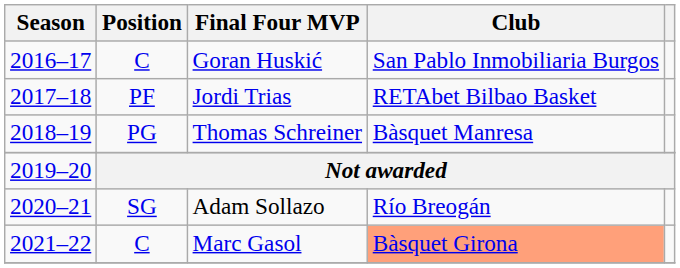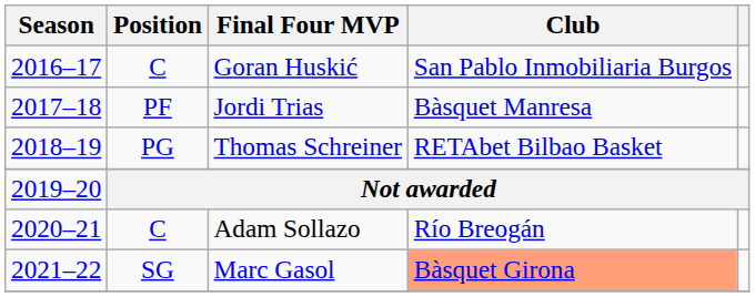 <table class="wikitable sortable">
 <tr>
 <th>Season</th>
 <th>Position</th>
 <th>Final Four MVP</th>
 <th>Club</th>
 <th class=unsortable></th>
 </tr>
 <tr>
 <td style="text-align:center;"><a href='#'>2016–17</a></td>
 <td style="text-align:center;"><a href='#'>C</a></td>
 <td> <a href='#'>Goran Huskić</a></td>
 <td> <a href='#'>San Pablo Inmobiliaria Burgos</a></td>
 <td style="text-align:center;"></td>
 </tr>
 <tr>
 <td style="text-align:center;"><a href='#'>2017–18</a></td>
 <td style="text-align:center;"><a href='#'>PF</a></td>
 <td> <a href='#'>Jordi Trias</a></td>
-<td> <a href='#'>RETAbet Bilbao Basket</a></td>
+<td> <a href='#'>Bàsquet Manresa</a></td>
 <td style="text-align:center;"></td>
 </tr>
 <tr>
 <td style="text-align:center;"><a href='#'>2018–19</a></td>
 <td style="text-align:center;"><a href='#'>PG</a></td>
 <td> <a href='#'>Thomas Schreiner</a></td>
-<td> <a href='#'>Bàsquet Manresa</a></td>
+<td> <a href='#'>RETAbet Bilbao Basket</a></td>
 <td style="text-align:center;"></td>
 </tr>
 <tr>
 </tr>
 <tr style="text-align:center;">
 <td><a href='#'>2019–20</a></td>
 <th colspan=4><em>Not awarded</em></th>
 </tr>
 <tr>
 <td style="text-align:center;"><a href='#'>2020–21</a></td>
-<td style="text-align:center;"><a href='#'>SG</a></td>
+<td style="text-align:center;"><a href='#'>C</a></td>
 <td> Adam Sollazo</td>
 <td> <a href='#'>Río Breogán</a></td>
 <td style="text-align:center;"></td>
 </tr>
 <tr>
 <td style="text-align:center;"><a href='#'>2021–22</a></td>
-<td style="text-align:center;"><a href='#'>C</a></td>
+<td style="text-align:center;"><a href='#'>SG</a></td>
 <td> <a href='#'>Marc Gasol</a></td>
 <td style="background: lightsalmon;"> <a href='#'>Bàsquet Girona</a></td>
 <td style="text-align:center;"></td>
 </tr>
 <tr>
 </tr>
 </table>
